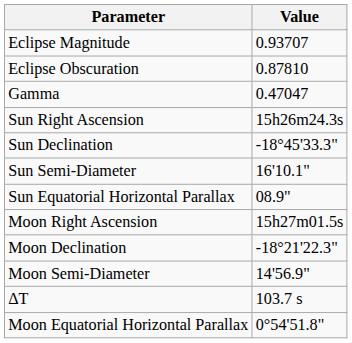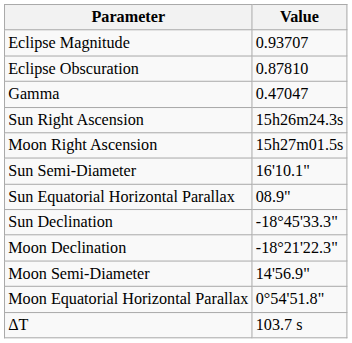 <table class="wikitable">
 <tr>
 <th>Parameter</th>
 <th>Value</th>
 </tr>
 <tr>
 <td>Eclipse Magnitude</td>
 <td>0.93707</td>
 </tr>
 <tr>
 <td>Eclipse Obscuration</td>
 <td>0.87810</td>
 </tr>
 <tr>
 <td>Gamma</td>
 <td>0.47047</td>
 </tr>
 <tr>
 <td>Sun Right Ascension</td>
 <td>15h26m24.3s</td>
 </tr>
 <tr>
-<td>Sun Declination</td>
-<td>-18°45'33.3"</td>
+<td>Moon Right Ascension</td>
+<td>15h27m01.5s</td>
 </tr>
 <tr>
 <td>Sun Semi-Diameter</td>
 <td>16'10.1"</td>
 </tr>
 <tr>
 <td>Sun Equatorial Horizontal Parallax</td>
 <td>08.9"</td>
 </tr>
 <tr>
-<td>Moon Right Ascension</td>
-<td>15h27m01.5s</td>
+<td>Sun Declination</td>
+<td>-18°45'33.3"</td>
 </tr>
 <tr>
 <td>Moon Declination</td>
 <td>-18°21'22.3"</td>
 </tr>
 <tr>
 <td>Moon Semi-Diameter</td>
 <td>14'56.9"</td>
 </tr>
 <tr>
+<td>Moon Equatorial Horizontal Parallax</td>
+<td>0°54'51.8"</td>
+</tr>
+<tr>
 <td>ΔT</td>
 <td>103.7 s</td>
 </tr>
-<tr>
-<td>Moon Equatorial Horizontal Parallax</td>
-<td>0°54'51.8"</td>
-</tr>
 </table>
